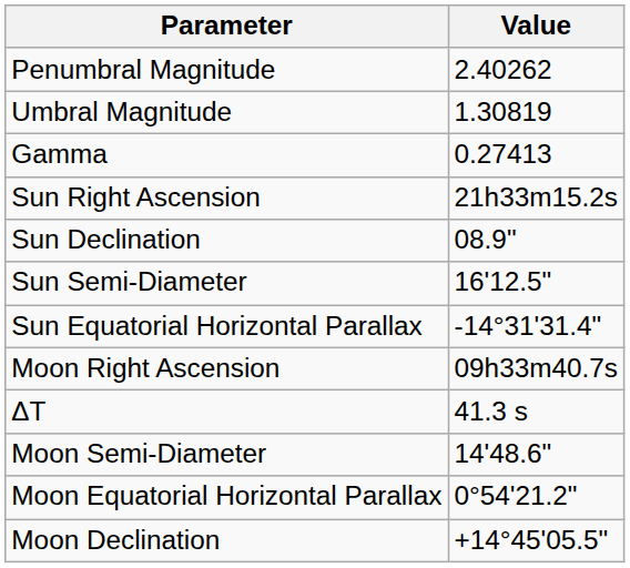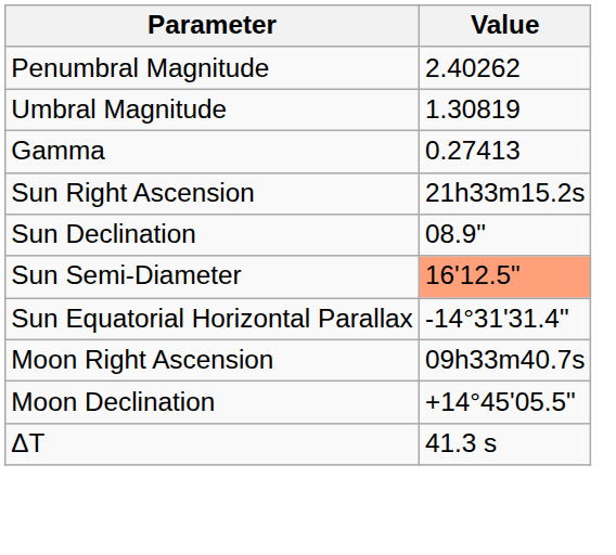 <table class="wikitable">
 <tr>
 <th>Parameter</th>
 <th>Value</th>
 </tr>
 <tr>
 <td>Penumbral Magnitude</td>
 <td>2.40262</td>
 </tr>
 <tr>
 <td>Umbral Magnitude</td>
 <td>1.30819</td>
 </tr>
 <tr>
 <td>Gamma</td>
 <td>0.27413</td>
 </tr>
 <tr>
 <td>Sun Right Ascension</td>
 <td>21h33m15.2s</td>
 </tr>
 <tr>
 <td>Sun Declination</td>
 <td>08.9"</td>
 </tr>
 <tr>
 <td>Sun Semi-Diameter</td>
-<td>16'12.5"</td>
+<td style="background: lightsalmon;">16'12.5"</td>
 </tr>
 <tr>
 <td>Sun Equatorial Horizontal Parallax</td>
 <td>-14°31'31.4"</td>
 </tr>
 <tr>
 <td>Moon Right Ascension</td>
 <td>09h33m40.7s</td>
 </tr>
 <tr>
+<td>Moon Declination</td>
+<td>+14°45'05.5"</td>
+</tr>
+<tr>
 <td>ΔT</td>
 <td>41.3 s</td>
 </tr>
-<tr>
-<td>Moon Semi-Diameter</td>
-<td>14'48.6"</td>
-</tr>
-<tr>
-<td>Moon Equatorial Horizontal Parallax</td>
-<td>0°54'21.2"</td>
-</tr>
-<tr>
-<td>Moon Declination</td>
-<td>+14°45'05.5"</td>
-</tr>
 </table>
